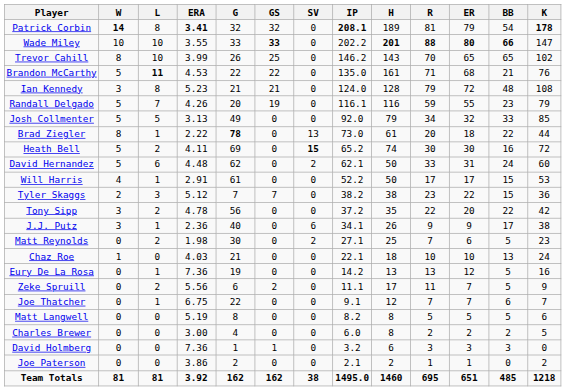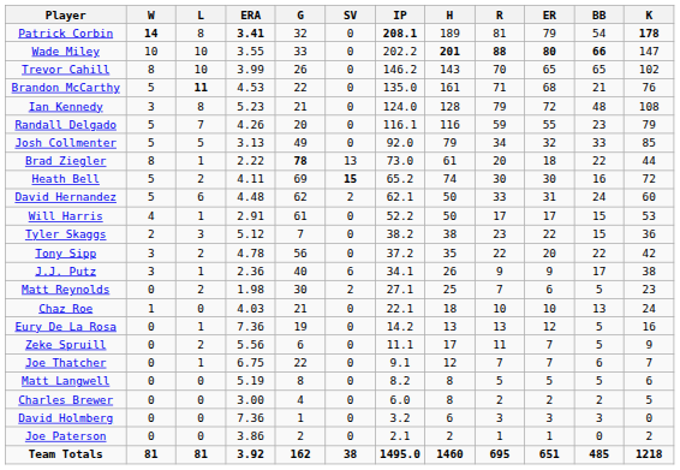 <table class="wikitable sortable" style="text-align:center; border:1; cellpadding:2; cellspacing:0;">
 <tr>
 <th bgcolor="#DDDDFF" width="17%">Player</th>
 <th bgcolor="#DDDDFF" width="7%">W</th>
 <th bgcolor="#DDDDFF" width="7%">L</th>
 <th bgcolor="#DDDDFF" width="7%">ERA</th>
 <th bgcolor="#DDDDFF" width="7%">G</th>
-<th bgcolor="#DDDDFF" width="7%">GS</th>
 <th bgcolor="#DDDDFF" width="7%">SV</th>
 <th bgcolor="#DDDDFF" width="7%">IP</th>
 <th bgcolor="#DDDDFF" width="7%">H</th>
 <th bgcolor="#DDDDFF" width="7%">R</th>
 <th bgcolor="#DDDDFF" width="7%">ER</th>
 <th bgcolor="#DDDDFF" width="7%">BB</th>
 <th bgcolor="#DDDDFF" width="7%">K</th>
 </tr>
 <tr align=center>
 <td><a href='#'>Patrick Corbin</a></td>
 <td><strong>14</strong></td>
 <td>8</td>
 <td><strong>3.41</strong></td>
-<td>32</td>
 <td>32</td>
 <td>0</td>
 <td><strong>208.1</strong></td>
 <td>189</td>
 <td>81</td>
 <td>79</td>
 <td>54</td>
 <td><strong>178</strong></td>
 </tr>
 <tr align=center>
 <td><a href='#'>Wade Miley</a></td>
 <td>10</td>
 <td>10</td>
 <td>3.55</td>
 <td>33</td>
-<td><strong>33</strong></td>
 <td>0</td>
 <td>202.2</td>
 <td><strong>201</strong></td>
 <td><strong>88</strong></td>
 <td><strong>80</strong></td>
 <td><strong>66</strong></td>
 <td>147</td>
 </tr>
 <tr align=center>
 <td><a href='#'>Trevor Cahill</a></td>
 <td>8</td>
 <td>10</td>
 <td>3.99</td>
 <td>26</td>
-<td>25</td>
 <td>0</td>
 <td>146.2</td>
 <td>143</td>
 <td>70</td>
 <td>65</td>
 <td>65</td>
 <td>102</td>
 </tr>
 <tr align=center>
 <td><a href='#'>Brandon McCarthy</a></td>
 <td>5</td>
 <td><strong>11</strong></td>
 <td>4.53</td>
-<td>22</td>
 <td>22</td>
 <td>0</td>
 <td>135.0</td>
 <td>161</td>
 <td>71</td>
 <td>68</td>
 <td>21</td>
 <td>76</td>
 </tr>
 <tr align=center>
 <td><a href='#'>Ian Kennedy</a></td>
 <td>3</td>
 <td>8</td>
 <td>5.23</td>
 <td>21</td>
-<td>21</td>
 <td>0</td>
 <td>124.0</td>
 <td>128</td>
 <td>79</td>
 <td>72</td>
 <td>48</td>
 <td>108</td>
 </tr>
 <tr align=center>
 <td><a href='#'>Randall Delgado</a></td>
 <td>5</td>
 <td>7</td>
 <td>4.26</td>
 <td>20</td>
-<td>19</td>
 <td>0</td>
 <td>116.1</td>
 <td>116</td>
 <td>59</td>
 <td>55</td>
 <td>23</td>
 <td>79</td>
 </tr>
 <tr align=center>
 <td><a href='#'>Josh Collmenter</a></td>
 <td>5</td>
 <td>5</td>
 <td>3.13</td>
 <td>49</td>
 <td>0</td>
-<td>0</td>
 <td>92.0</td>
 <td>79</td>
 <td>34</td>
 <td>32</td>
 <td>33</td>
 <td>85</td>
 </tr>
 <tr align=center>
 <td><a href='#'>Brad Ziegler</a></td>
 <td>8</td>
 <td>1</td>
 <td>2.22</td>
 <td><strong>78</strong></td>
-<td>0</td>
 <td>13</td>
 <td>73.0</td>
 <td>61</td>
 <td>20</td>
 <td>18</td>
 <td>22</td>
 <td>44</td>
 </tr>
 <tr align=center>
 <td><a href='#'>Heath Bell</a></td>
 <td>5</td>
 <td>2</td>
 <td>4.11</td>
 <td>69</td>
-<td>0</td>
 <td><strong>15</strong></td>
 <td>65.2</td>
 <td>74</td>
 <td>30</td>
 <td>30</td>
 <td>16</td>
 <td>72</td>
 </tr>
 <tr align=center>
 <td><a href='#'>David Hernandez</a></td>
 <td>5</td>
 <td>6</td>
 <td>4.48</td>
 <td>62</td>
-<td>0</td>
 <td>2</td>
 <td>62.1</td>
 <td>50</td>
 <td>33</td>
 <td>31</td>
 <td>24</td>
 <td>60</td>
 </tr>
 <tr align=center>
 <td><a href='#'>Will Harris</a></td>
 <td>4</td>
 <td>1</td>
 <td>2.91</td>
 <td>61</td>
 <td>0</td>
-<td>0</td>
 <td>52.2</td>
 <td>50</td>
 <td>17</td>
 <td>17</td>
 <td>15</td>
 <td>53</td>
 </tr>
 <tr align=center>
 <td><a href='#'>Tyler Skaggs</a></td>
 <td>2</td>
 <td>3</td>
 <td>5.12</td>
-<td>7</td>
 <td>7</td>
 <td>0</td>
 <td>38.2</td>
 <td>38</td>
 <td>23</td>
 <td>22</td>
 <td>15</td>
 <td>36</td>
 </tr>
 <tr align=center>
 <td><a href='#'>Tony Sipp</a></td>
 <td>3</td>
 <td>2</td>
 <td>4.78</td>
 <td>56</td>
 <td>0</td>
-<td>0</td>
 <td>37.2</td>
 <td>35</td>
 <td>22</td>
 <td>20</td>
 <td>22</td>
 <td>42</td>
 </tr>
 <tr align=center>
 <td><a href='#'>J.J. Putz</a></td>
 <td>3</td>
 <td>1</td>
 <td>2.36</td>
 <td>40</td>
-<td>0</td>
 <td>6</td>
 <td>34.1</td>
 <td>26</td>
 <td>9</td>
 <td>9</td>
 <td>17</td>
 <td>38</td>
 </tr>
 <tr align=center>
 <td><a href='#'>Matt Reynolds</a></td>
 <td>0</td>
 <td>2</td>
 <td>1.98</td>
 <td>30</td>
-<td>0</td>
 <td>2</td>
 <td>27.1</td>
 <td>25</td>
 <td>7</td>
 <td>6</td>
 <td>5</td>
 <td>23</td>
 </tr>
 <tr align=center>
 <td><a href='#'>Chaz Roe</a></td>
 <td>1</td>
 <td>0</td>
 <td>4.03</td>
 <td>21</td>
 <td>0</td>
-<td>0</td>
 <td>22.1</td>
 <td>18</td>
 <td>10</td>
 <td>10</td>
 <td>13</td>
 <td>24</td>
 </tr>
 <tr align=center>
 <td><a href='#'>Eury De La Rosa</a></td>
 <td>0</td>
 <td>1</td>
 <td>7.36</td>
 <td>19</td>
 <td>0</td>
-<td>0</td>
 <td>14.2</td>
 <td>13</td>
 <td>13</td>
 <td>12</td>
 <td>5</td>
 <td>16</td>
 </tr>
 <tr align=center>
 <td><a href='#'>Zeke Spruill</a></td>
 <td>0</td>
 <td>2</td>
 <td>5.56</td>
 <td>6</td>
-<td>2</td>
 <td>0</td>
 <td>11.1</td>
 <td>17</td>
 <td>11</td>
 <td>7</td>
 <td>5</td>
 <td>9</td>
 </tr>
 <tr align=center>
 <td><a href='#'>Joe Thatcher</a></td>
 <td>0</td>
 <td>1</td>
 <td>6.75</td>
 <td>22</td>
 <td>0</td>
-<td>0</td>
 <td>9.1</td>
 <td>12</td>
 <td>7</td>
 <td>7</td>
 <td>6</td>
 <td>7</td>
 </tr>
 <tr align=center>
 <td><a href='#'>Matt Langwell</a></td>
 <td>0</td>
 <td>0</td>
 <td>5.19</td>
 <td>8</td>
-<td>0</td>
 <td>0</td>
 <td>8.2</td>
 <td>8</td>
 <td>5</td>
 <td>5</td>
 <td>5</td>
 <td>6</td>
 </tr>
 <tr align=center>
 <td><a href='#'>Charles Brewer</a></td>
 <td>0</td>
 <td>0</td>
 <td>3.00</td>
 <td>4</td>
 <td>0</td>
-<td>0</td>
 <td>6.0</td>
 <td>8</td>
 <td>2</td>
 <td>2</td>
 <td>2</td>
 <td>5</td>
 </tr>
 <tr align=center>
 <td><a href='#'>David Holmberg</a></td>
 <td>0</td>
 <td>0</td>
 <td>7.36</td>
-<td>1</td>
 <td>1</td>
 <td>0</td>
 <td>3.2</td>
 <td>6</td>
 <td>3</td>
 <td>3</td>
 <td>3</td>
 <td>0</td>
 </tr>
 <tr align=center>
 <td><a href='#'>Joe Paterson</a></td>
 <td>0</td>
 <td>0</td>
 <td>3.86</td>
 <td>2</td>
 <td>0</td>
-<td>0</td>
 <td>2.1</td>
 <td>2</td>
 <td>1</td>
 <td>1</td>
 <td>0</td>
 <td>2</td>
 </tr>
 <tr align=center>
 <td><strong>Team Totals</strong></td>
 <td><strong>81</strong></td>
 <td><strong>81</strong></td>
 <td><strong>3.92</strong></td>
 <td><strong>162</strong></td>
-<td><strong>162</strong></td>
 <td><strong>38</strong></td>
 <td><strong>1495.0</strong></td>
 <td><strong>1460</strong></td>
 <td><strong>695</strong></td>
 <td><strong>651</strong></td>
 <td><strong>485</strong></td>
 <td><strong>1218</strong></td>
 </tr>
 </table>
